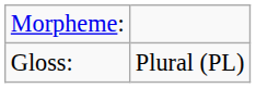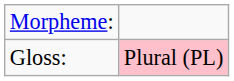 <table class="wikitable">
 <tr>
 <td><a href='#'>Morpheme</a>:</td>
 <td></td>
 </tr>
 <tr>
 <td>Gloss:</td>
-<td>Plural (PL)</td>
+<td style="background: pink;">Plural (PL)</td>
 </tr>
 </table>
